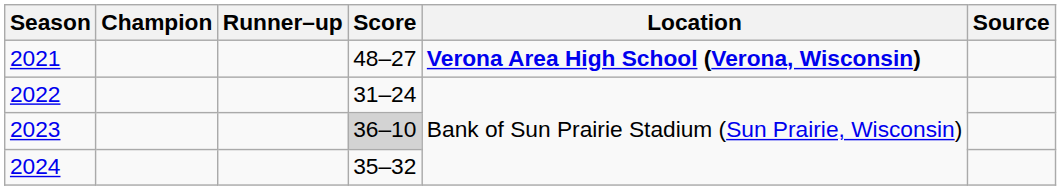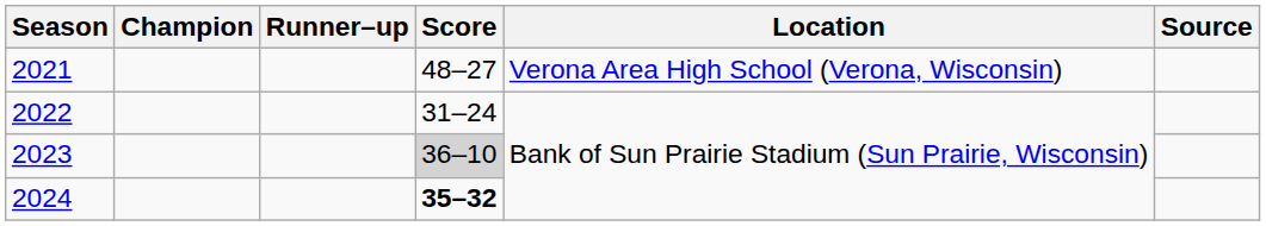 <table class="wikitable">
 <tr>
 <th>Season</th>
 <th>Champion</th>
 <th>Runner–up</th>
 <th>Score</th>
 <th>Location</th>
 <th>Source</th>
 </tr>
 <tr>
 <td><a href='#'>2021</a></td>
 <td></td>
 <td></td>
 <td>48–27</td>
-<td><strong><a href='#'>Verona Area High School</a> (<a href='#'>Verona, Wisconsin</a>)</strong></td>
+<td><a href='#'>Verona Area High School</a> (<a href='#'>Verona, Wisconsin</a>)</td>
 <td></td>
 </tr>
 <tr>
 <td><a href='#'>2022</a></td>
 <td></td>
 <td></td>
 <td>31–24</td>
 <td rowspan="3">Bank of Sun Prairie Stadium (<a href='#'>Sun Prairie, Wisconsin</a>)</td>
 <td></td>
 </tr>
 <tr>
 <td><a href='#'>2023</a></td>
 <td></td>
 <td></td>
 <td style="background: lightgrey;">36–10</td>
 <td></td>
 </tr>
 <tr>
 <td><a href='#'>2024</a></td>
 <td></td>
 <td></td>
-<td>35–32</td>
+<td><strong>35–32</strong></td>
 <td></td>
 </tr>
 </table>
